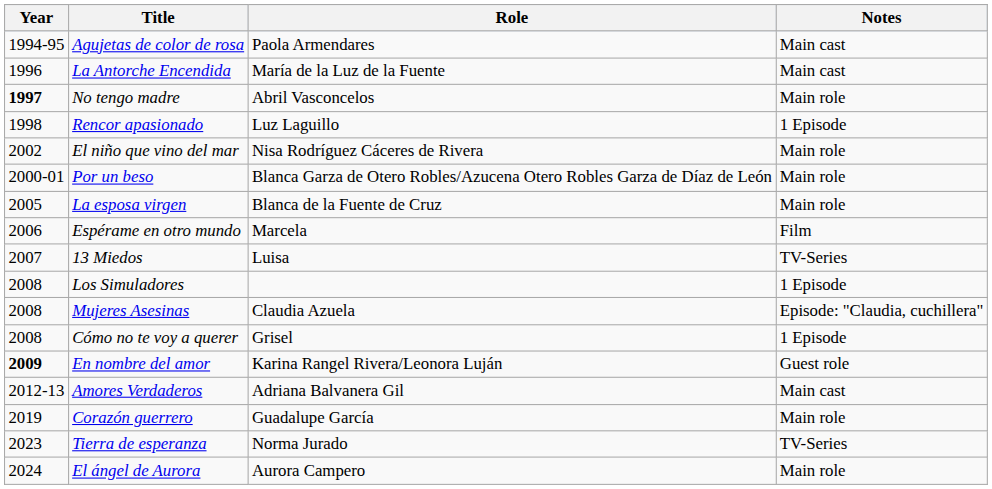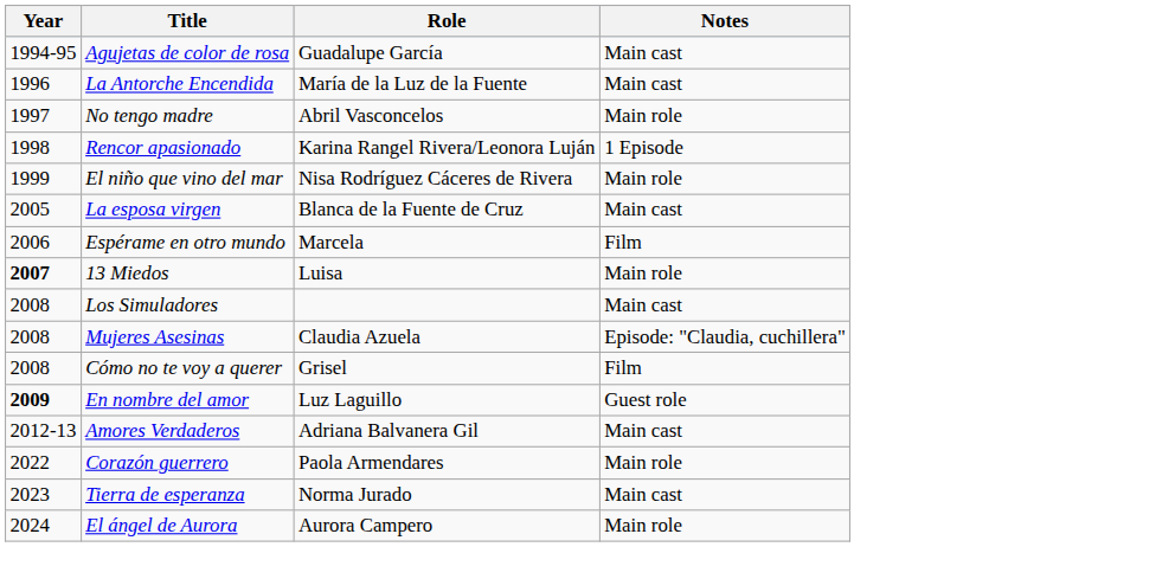 <table class="wikitable">
 <tr style="background:#b0c4de;">
 <th>Year</th>
 <th>Title</th>
 <th>Role</th>
 <th>Notes</th>
 </tr>
 <tr>
 <td>1994-95</td>
 <td><em><a href='#'>Agujetas de color de rosa</a></em></td>
-<td>Paola Armendares</td>
+<td>Guadalupe García</td>
 <td>Main cast</td>
 </tr>
 <tr>
 <td>1996</td>
 <td><em><a href='#'>La Antorche Encendida</a></em></td>
 <td>María de la Luz de la Fuente</td>
 <td>Main cast</td>
 </tr>
 <tr>
-<td><strong>1997</strong></td>
+<td>1997</td>
 <td><em>No tengo madre</em></td>
 <td>Abril Vasconcelos</td>
 <td>Main role</td>
 </tr>
 <tr>
 <td>1998</td>
 <td><em><a href='#'>Rencor apasionado</a></em></td>
-<td>Luz Laguillo</td>
+<td>Karina Rangel Rivera/Leonora Luján</td>
 <td>1 Episode</td>
 </tr>
 <tr>
-<td>2002</td>
+<td>1999</td>
 <td><em> El niño que vino del mar</em></td>
 <td>Nisa Rodríguez Cáceres de Rivera</td>
-<td>Main role</td>
-</tr>
-<tr>
-<td>2000-01</td>
-<td><em><a href='#'>Por un beso</a></em></td>
-<td>Blanca Garza de Otero Robles/Azucena Otero Robles Garza de Díaz de León</td>
 <td>Main role</td>
 </tr>
 <tr>
 <td>2005</td>
 <td><em><a href='#'>La esposa virgen</a></em></td>
 <td>Blanca de la Fuente de Cruz</td>
-<td>Main role</td>
+<td>Main cast</td>
 </tr>
 <tr>
 <td>2006</td>
 <td><em>Espérame en otro mundo</em></td>
 <td>Marcela</td>
 <td>Film</td>
 </tr>
 <tr>
-<td>2007</td>
+<td><strong>2007</strong></td>
 <td><em>13 Miedos</em></td>
 <td>Luisa</td>
-<td>TV-Series</td>
+<td>Main role</td>
 </tr>
 <tr>
 <td>2008</td>
 <td><em>Los Simuladores</em></td>
 <td></td>
-<td>1 Episode</td>
+<td>Main cast</td>
 </tr>
 <tr>
 <td>2008</td>
 <td><em><a href='#'>Mujeres Asesinas</a></em></td>
 <td>Claudia Azuela</td>
 <td>Episode: "Claudia, cuchillera"</td>
 </tr>
 <tr>
 <td>2008</td>
 <td><em>Cómo no te voy a querer</em></td>
 <td>Grisel</td>
-<td>1 Episode</td>
+<td>Film</td>
 </tr>
 <tr>
 <td><strong>2009</strong></td>
 <td><em><a href='#'>En nombre del amor</a></em></td>
-<td>Karina Rangel Rivera/Leonora Luján</td>
+<td>Luz Laguillo</td>
 <td>Guest role</td>
 </tr>
 <tr>
 <td>2012-13</td>
 <td><em><a href='#'>Amores Verdaderos</a></em></td>
 <td>Adriana Balvanera Gil</td>
 <td>Main cast</td>
 </tr>
 <tr>
-<td>2019</td>
+<td>2022</td>
 <td><em><a href='#'>Corazón guerrero</a></em></td>
-<td>Guadalupe García</td>
+<td>Paola Armendares</td>
 <td>Main role</td>
 </tr>
 <tr>
 <td>2023</td>
 <td><em><a href='#'>Tierra de esperanza</a></em></td>
 <td>Norma Jurado</td>
-<td>TV-Series</td>
+<td>Main cast</td>
 </tr>
 <tr>
 <td>2024</td>
 <td><em><a href='#'>El ángel de Aurora</a></em></td>
 <td>Aurora Campero</td>
 <td>Main role</td>
 </tr>
 </table>
